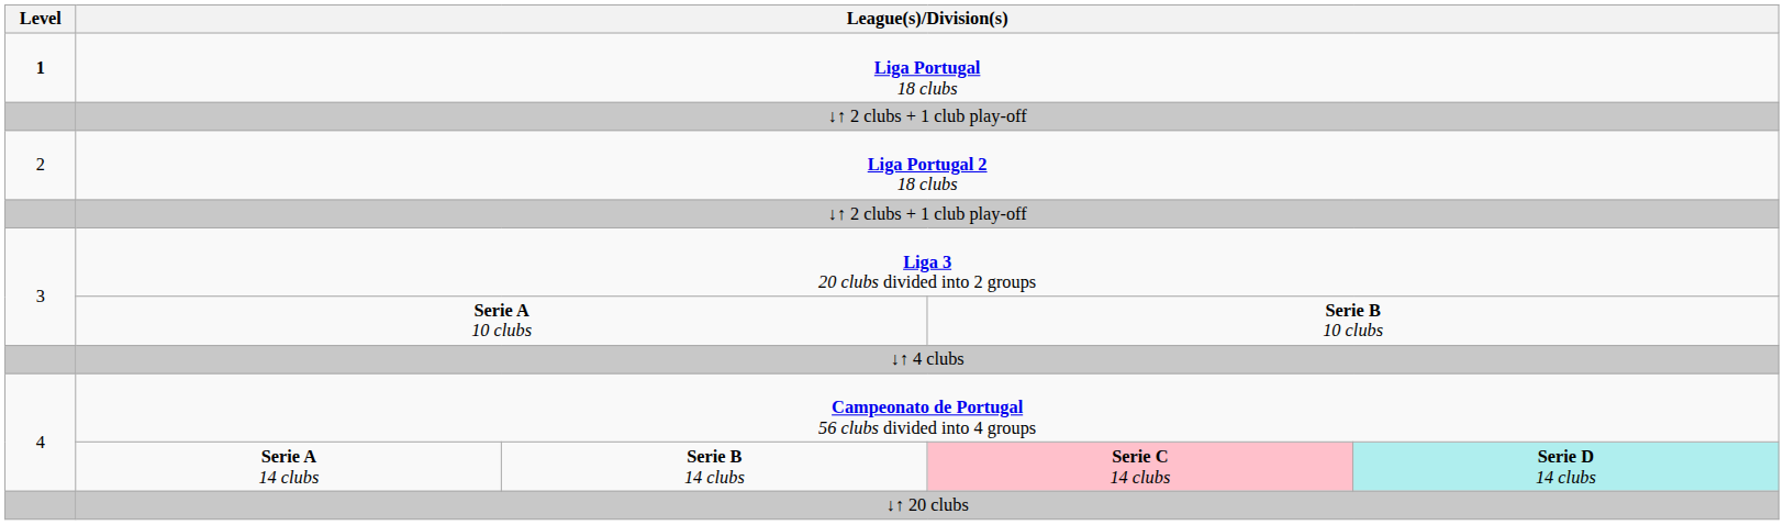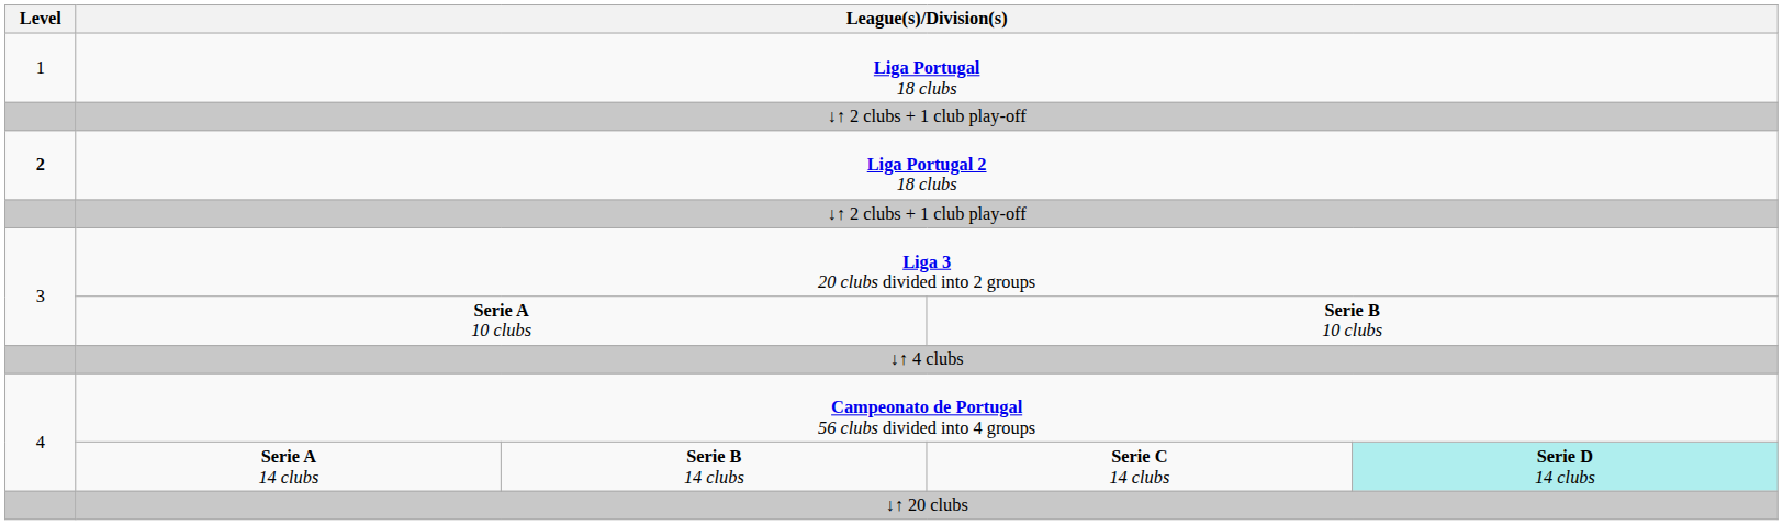 <table class="wikitable" style="text-align: center;" width="100%">
 <tr>
 <th>Level</th>
 <th colspan="4">League(s)/Division(s)</th>
 </tr>
 <tr>
-<td><strong>1</strong></td>
+<td>1</td>
 <td colspan="8"><br><strong><a href='#'>Liga Portugal</a></strong><br> <em>18 clubs</em></td>
 </tr>
 <tr style="background:#c8c8c8" |>
 <td></td>
 <td colspan="8">↓↑ 2 clubs + 1 club play-off</td>
 </tr>
 <tr>
-<td>2</td>
+<td><strong>2</strong></td>
 <td colspan="4"><br><strong><a href='#'>Liga Portugal 2</a></strong><br> <em>18 clubs</em></td>
 </tr>
 <tr style="background:#c8c8c8" |>
 <td></td>
 <td colspan="4">↓↑ 2 clubs + 1 club play-off</td>
 </tr>
 <tr>
 <td colspan="1" rowspan="2" width="4%"><br>3</td>
 <td colspan="4" width="96%"><br><strong><a href='#'>Liga 3</a></strong><br><em>20 clubs</em> divided into 2 groups</td>
 </tr>
 <tr>
 <td colspan="2" align="center"><strong>Serie A</strong> <br> <em>10 clubs</em></td>
 <td colspan="2" align="center"><strong>Serie B</strong> <br> <em>10 clubs</em></td>
 </tr>
 <tr style="background:#c8c8c8" |>
 <td></td>
 <td colspan="4">↓↑ 4 clubs</td>
 </tr>
 <tr>
 <td colspan="1" rowspan="2" width="4%"><br>4</td>
 <td colspan="4" width="96%"><br><strong><a href='#'>Campeonato de Portugal</a><br></strong> <em>56 clubs</em> divided into 4 groups</td>
 </tr>
 <tr>
 <td colspan="1" align="center"><strong>Serie A</strong> <br> <em>14 clubs</em></td>
 <td colspan="1" align="center"><strong>Serie B</strong> <br> <em>14 clubs</em></td>
-<td colspan="1" align="center" style="background: pink;"><strong>Serie C</strong> <br> <em>14 clubs</em></td>
+<td colspan="1" align="center"><strong>Serie C</strong> <br> <em>14 clubs</em></td>
 <td colspan="1" align="center" style="background: paleturquoise;"><strong>Serie D</strong> <br> <em>14 clubs</em></td>
 </tr>
 <tr style="background:#c8c8c8" |>
 <td></td>
 <td colspan="4">↓↑ 20 clubs</td>
 </tr>
 </table>
